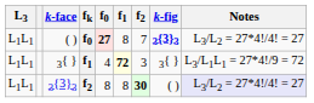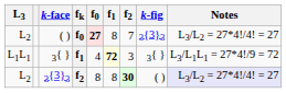 <table class=wikitable>
 <tr>
 <th>L<sub>3</sub></th>
 <th></th>
 <th><a href='#'><em>k</em>-face</a></th>
 <th>f<sub>k</sub></th>
 <th>f<sub>0</sub></th>
 <th>f<sub>1</sub></th>
 <th>f<sub>2</sub></th>
 <th><a href='#'><em>k</em>-fig</a></th>
 <th>Notes</th>
 </tr>
 <tr align=right>
-<td>L<sub>1</sub>L<sub>1</sub></td>
+<td>L<sub>2</sub></td>
 <td></td>
 <td>( )</td>
 <th>f<sub>0</sub></th>
 <td BGCOLOR="#ffe0e0"><strong>27</strong></td>
 <td>8</td>
 <td>7</td>
-<td><strong><a href='#'><sub>3</sub>{3}<sub>3</sub></a></strong></td>
+<td><a href='#'><sub>3</sub>{3}<sub>3</sub></a></td>
 <td>L<sub>3</sub>/L<sub>2</sub> = 27*4!/4! = 27</td>
 </tr>
 <tr align=right>
 <td>L<sub>1</sub>L<sub>1</sub></td>
 <td></td>
 <td><sub>3</sub>{ }</td>
 <th>f<sub>1</sub></th>
 <td>4</td>
 <td BGCOLOR="#ffffe0"><strong>72</strong></td>
 <td>3</td>
 <td><sub>3</sub>{ }</td>
 <td>L<sub>3</sub>/L<sub>1</sub>L<sub>1</sub> = 27*4!/9 = 72</td>
 </tr>
 <tr align=right>
-<td>L<sub>1</sub>L<sub>1</sub></td>
+<td>L<sub>2</sub></td>
 <td></td>
 <td><a href='#'><sub>3</sub>{3}<sub>3</sub></a></td>
 <th>f<sub>2</sub></th>
 <td>8</td>
 <td>8</td>
 <td BGCOLOR="#e0ffe0"><strong>30</strong></td>
 <td>( )</td>
 <td style="background: lavender;">L<sub>3</sub>/L<sub>2</sub> = 27*4!/4! = 27</td>
 </tr>
 </table>
